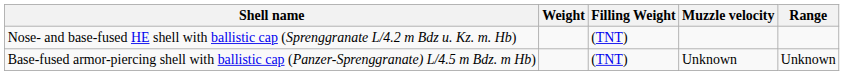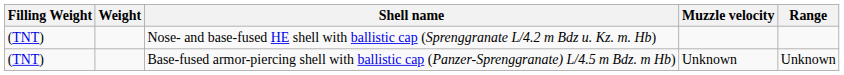 <table class="wikitable" border="1">
 <tr>
+<th>Filling Weight</th>
+<th>Weight</th>
 <th>Shell name</th>
-<th>Weight</th>
-<th>Filling Weight</th>
 <th>Muzzle velocity</th>
 <th>Range</th>
 </tr>
 <tr>
+<td> (<a href='#'>TNT</a>)</td>
+<td></td>
 <td>Nose- and base-fused <a href='#'>HE</a> shell with <a href='#'>ballistic cap</a> (<em>Sprenggranate L/4.2 m Bdz u. Kz. m. Hb</em>)</td>
-<td></td>
-<td> (<a href='#'>TNT</a>)</td>
 <td></td>
 <td></td>
 </tr>
 <tr>
+<td> (<a href='#'>TNT</a>)</td>
+<td></td>
 <td>Base-fused armor-piercing shell with <a href='#'>ballistic cap</a> (<em>Panzer-Sprenggranate) L/4.5 m Bdz. m Hb</em>)</td>
-<td></td>
-<td> (<a href='#'>TNT</a>)</td>
 <td>Unknown</td>
 <td>Unknown</td>
 </tr>
 </table>
